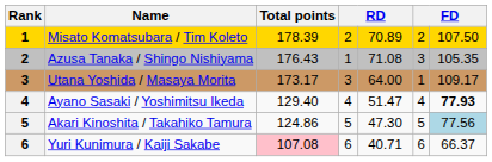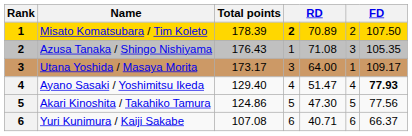 <table class="wikitable sortable">
 <tr>
 <th>Rank</th>
 <th>Name</th>
 <th>Total points</th>
 <th colspan="2" width="80px"><a href='#'>RD</a></th>
 <th colspan="2" width="80px"><a href='#'>FD</a></th>
 </tr>
 <tr bgcolor="gold">
 <td align="center"><strong>1</strong></td>
 <td><a href='#'>Misato Komatsubara</a> / <a href='#'>Tim Koleto</a></td>
 <td align="center">178.39</td>
-<td align="center">2</td>
+<td align="center"><strong>2</strong></td>
 <td align="center">70.89</td>
 <td align="center">2</td>
 <td align="center">107.50</td>
 </tr>
 <tr bgcolor="silver">
 <td align="center"><strong>2</strong></td>
 <td><a href='#'>Azusa Tanaka</a> / <a href='#'>Shingo Nishiyama</a></td>
 <td align="center">176.43</td>
 <td align="center">1</td>
 <td align="center">71.08</td>
 <td align="center">3</td>
 <td align="center">105.35</td>
 </tr>
 <tr bgcolor="cc9966">
 <td align="center"><strong>3</strong></td>
 <td><a href='#'>Utana Yoshida</a> / <a href='#'>Masaya Morita</a></td>
 <td align="center">173.17</td>
 <td align="center">3</td>
 <td align="center">64.00</td>
 <td align="center">1</td>
 <td align="center">109.17</td>
 </tr>
 <tr>
 <th>4</th>
 <td><a href='#'>Ayano Sasaki</a> / <a href='#'>Yoshimitsu Ikeda</a></td>
 <td align="center">129.40</td>
 <td align="center">4</td>
 <td align="center">51.47</td>
 <td align="center">4</td>
 <td align="center"><strong>77.93</strong></td>
 </tr>
 <tr>
 <th>5</th>
 <td><a href='#'>Akari Kinoshita</a> / <a href='#'>Takahiko Tamura</a></td>
 <td align="center">124.86</td>
 <td align="center">5</td>
 <td align="center">47.30</td>
 <td align="center">5</td>
-<td align="center" style="background: lightblue;">77.56</td>
+<td align="center">77.56</td>
 </tr>
 <tr>
 <th>6</th>
 <td><a href='#'>Yuri Kunimura</a> / <a href='#'>Kaiji Sakabe</a></td>
-<td align="center" style="background: pink;">107.08</td>
+<td align="center">107.08</td>
 <td align="center">6</td>
 <td align="center">40.71</td>
 <td align="center">6</td>
 <td align="center">66.37</td>
 </tr>
 </table>
